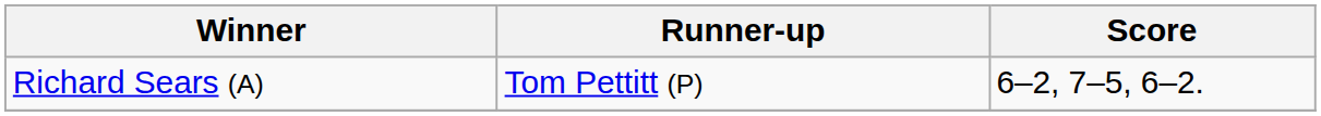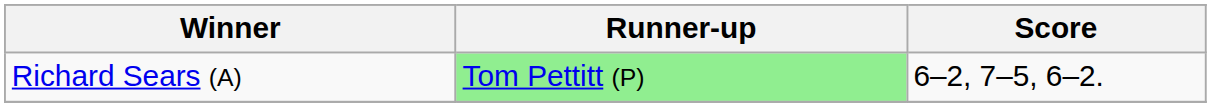 <table class="wikitable" style="font-size:98%;">
 <tr>
 <th style="width:230px;">Winner</th>
 <th style="width:230px;">Runner-up</th>
 <th style="width:150px;">Score</th>
 </tr>
 <tr>
 <td> <a href='#'>Richard Sears</a> <small>(A)</small></td>
-<td> <a href='#'>Tom Pettitt</a> <small>(P)</small></td>
+<td style="background: lightgreen;"> <a href='#'>Tom Pettitt</a> <small>(P)</small></td>
 <td>6–2, 7–5, 6–2.</td>
 </tr>
 <tr>
 </tr>
 </table>
